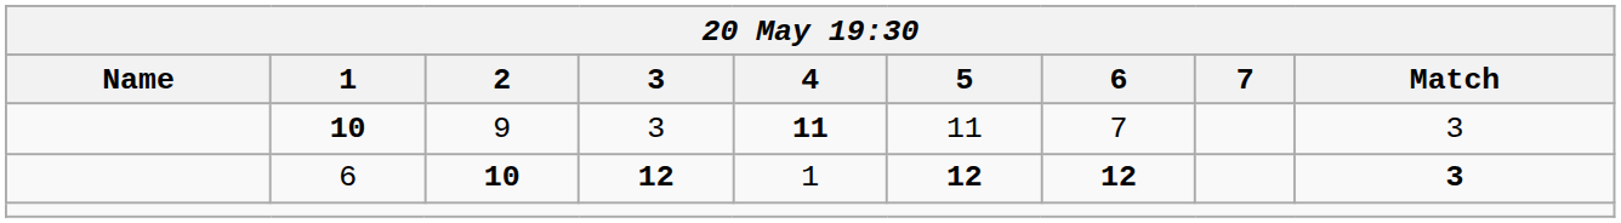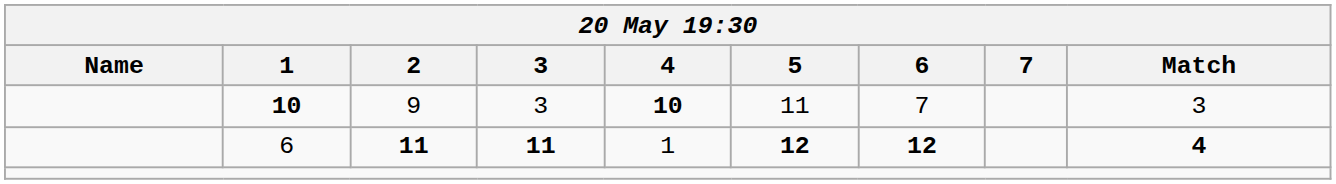 <table class=wikitable style="text-align:center; width: 55%">
 <tr>
 <th colspan=17><em>20 May 19:30</em></th>
 </tr>
 <tr>
 <th>Name</th>
 <th>1</th>
 <th>2</th>
 <th>3</th>
 <th>4</th>
 <th>5</th>
 <th>6</th>
 <th>7</th>
 <th>Match</th>
 </tr>
 <tr>
 <td style="text-align:left;"></td>
 <td><strong>10</strong></td>
 <td>9</td>
 <td>3</td>
-<td><strong>11</strong></td>
+<td><strong>10</strong></td>
 <td>11</td>
 <td>7</td>
 <td></td>
 <td>3</td>
 </tr>
 <tr>
 <td style="text-align:left;"><strong></strong></td>
 <td>6</td>
-<td><strong>10</strong></td>
-<td><strong>12</strong></td>
+<td><strong>11</strong></td>
+<td><strong>11</strong></td>
 <td>1</td>
 <td><strong>12</strong></td>
 <td><strong>12</strong></td>
 <td></td>
-<td><strong>3</strong></td>
+<td><strong>4</strong></td>
 </tr>
 <tr>
 <td colspan=17></td>
 </tr>
 </table>
